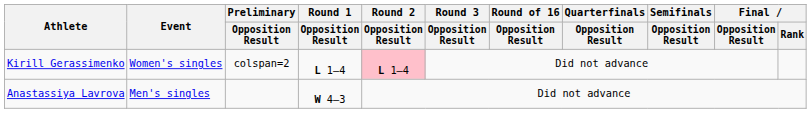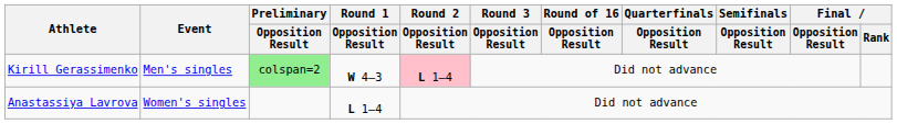 <table class="wikitable" style="font-size:90%;">
 <tr>
 <th rowspan=2>Athlete</th>
 <th rowspan=2>Event</th>
 <th>Preliminary</th>
 <th>Round 1</th>
 <th>Round 2</th>
 <th>Round 3</th>
 <th>Round of 16</th>
 <th>Quarterfinals</th>
 <th>Semifinals</th>
 <th colspan=2>Final / </th>
 </tr>
 <tr style="font-size:95%">
 <th>Opposition<br>Result</th>
 <th>Opposition<br>Result</th>
 <th>Opposition<br>Result</th>
 <th>Opposition<br>Result</th>
 <th>Opposition<br>Result</th>
 <th>Opposition<br>Result</th>
 <th>Opposition<br>Result</th>
 <th>Opposition<br>Result</th>
 <th>Rank</th>
 </tr>
 <tr align=center>
 <td align=left><a href='#'>Kirill Gerassimenko</a></td>
-<td align=left><a href='#'>Women's singles</a></td>
-<td>colspan=2 </td>
-<td><br><strong>L</strong> 1–4</td>
+<td align=left><a href='#'>Men's singles</a></td>
+<td style="background: lightgreen;">colspan=2 </td>
+<td><br><strong>W</strong> 4–3</td>
 <td style="background: pink;"><br><strong>L</strong> 1–4</td>
 <td colspan=5>Did not advance</td>
 </tr>
 <tr align=center>
 <td align=left><a href='#'>Anastassiya Lavrova</a></td>
-<td align=left><a href='#'>Men's singles</a></td>
+<td align=left><a href='#'>Women's singles</a></td>
 <td></td>
-<td><br><strong>W</strong> 4–3</td>
+<td><br><strong>L</strong> 1–4</td>
 <td colspan=7>Did not advance</td>
 </tr>
 </table>
